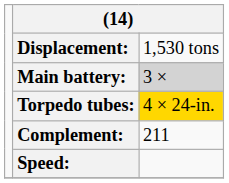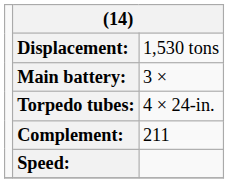 <table class="wikitable plainrowheaders" style="text-align:left">
 <tr valign="bottom">
 <td rowspan=6 style="text-align:center"></td>
 <th colspan=2 style="text-align:center"> (14)</th>
 </tr>
 <tr>
 <th style="text-align:left">Displacement:</th>
 <td>1,530 tons</td>
 </tr>
 <tr>
 <th style="text-align:left">Main battery:</th>
-<td style="background: lightgrey;">3 × </td>
+<td>3 × </td>
 </tr>
 <tr>
 <th style="text-align:left">Torpedo tubes:</th>
-<td style="background: gold;">4 × 24‑in.</td>
+<td>4 × 24‑in.</td>
 </tr>
 <tr>
 <th style="text-align:left">Complement:</th>
 <td>211</td>
 </tr>
 <tr>
 <th style="text-align:left">Speed:</th>
 <td></td>
 </tr>
 <tr>
 </tr>
 </table>
